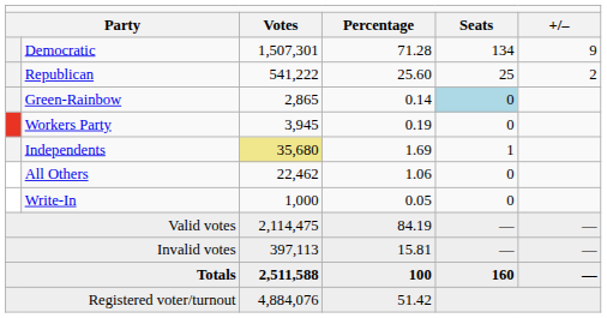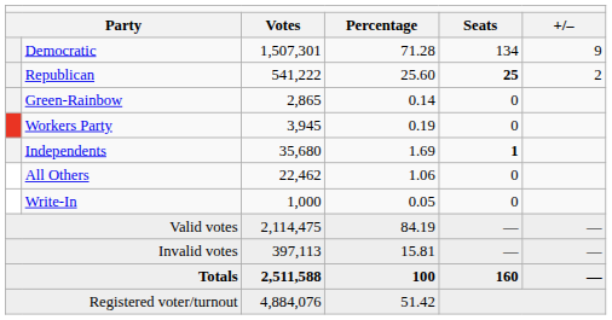 <table class="wikitable" style="font-size: 95%;">
 <tr>
 <td colspan=10 align=center></td>
 </tr>
 <tr>
 <th colspan=2 style="width: 15em">Party</th>
 <th style="width: 5em">Votes</th>
 <th style="width: 7em">Percentage</th>
 <th style="width: 5em">Seats</th>
 <th style="width: 5em">+/–</th>
 </tr>
 <tr>
 <th style="background:"></th>
 <td style="width: 130px"><a href='#'>Democratic</a></td>
 <td align="right">1,507,301</td>
 <td align="right">71.28</td>
 <td align="right">134</td>
 <td align="right"> 9</td>
 </tr>
 <tr>
 <th style="background:"></th>
 <td style="width: 130px"><a href='#'>Republican</a></td>
 <td align="right">541,222</td>
 <td align="right">25.60</td>
-<td align="right">25</td>
+<td align="right"><strong>25</strong></td>
 <td align="right"> 2</td>
 </tr>
 <tr>
 <th style="background:"></th>
 <td style="width: 130px"><a href='#'>Green-Rainbow</a></td>
 <td align="right">2,865</td>
 <td align="right">0.14</td>
-<td align="right" style="background: lightblue;">0</td>
+<td align="right">0</td>
 <td align="right"></td>
 </tr>
 <tr>
 <th style="background-color:#EA3423; width: 3px"></th>
 <td style="width: 130px"><a href='#'>Workers Party</a></td>
 <td align="right">3,945</td>
 <td align="right">0.19</td>
 <td align="right">0</td>
 <td align="right"></td>
 </tr>
 <tr>
 <th style="background:"></th>
 <td style="width: 130px"><a href='#'>Independents</a></td>
-<td align="right" style="background: khaki;">35,680</td>
+<td align="right">35,680</td>
 <td align="right">1.69</td>
-<td align="right">1</td>
+<td align="right"><strong>1</strong></td>
 <td align="right"></td>
 </tr>
 <tr>
 <th style="background-color:#FFFFFF; width: 3px"></th>
 <td style="width: 130px"><a href='#'>All Others</a></td>
 <td align="right">22,462</td>
 <td align="right">1.06</td>
 <td align="right">0</td>
 <td align="right"></td>
 </tr>
 <tr>
 <th style="background-color:#FFFFFF; width: 3px"></th>
 <td style="width: 130px"><a href='#'>Write-In</a></td>
 <td align="right">1,000</td>
 <td align="right">0.05</td>
 <td align="right">0</td>
 <td align="right"></td>
 </tr>
 <tr bgcolor="#EEEEEE">
 <td colspan="2" align="right">Valid votes</td>
 <td align="right">2,114,475</td>
 <td align="right">84.19</td>
 <td align="right">—</td>
 <td align="right">—</td>
 </tr>
 <tr bgcolor="#EEEEEE">
 <td colspan="2" align="right">Invalid votes</td>
 <td align="right">397,113</td>
 <td align="right">15.81</td>
 <td align="right">—</td>
 <td align="right">—</td>
 </tr>
 <tr bgcolor="#EEEEEE">
 <td colspan="2" align="right"><strong>Totals</strong></td>
 <td align="right"><strong>2,511,588</strong></td>
 <td align="right"><strong>100</strong></td>
 <td align="right"><strong>160</strong></td>
 <td align="right"><strong>—</strong></td>
 </tr>
 <tr bgcolor="#EEEEEE">
 <td colspan="2" align="right">Registered voter/turnout</td>
 <td align="right">4,884,076</td>
 <td align="right">51.42</td>
 <td colspan="2" align="right"></td>
 </tr>
 </table>
